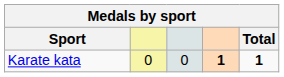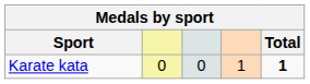 <table class="wikitable" style="font-size:90%; text-align:center;">
 <tr>
 <th colspan="5">Medals by sport</th>
 </tr>
 <tr>
 <th width="120">Sport</th>
 <th scope="col" width="30" style="background:#F7F6A8;"></th>
 <th scope="col" width="30" style="background:#DCE5E5;"></th>
 <th scope="col" width="30" style="background:#FFDAB9;"></th>
 <th width="30">Total</th>
 </tr>
 <tr>
 <td align="left"><a href='#'>Karate kata</a></td>
 <td style="background:#F7F6A8;">0</td>
 <td style="background:#DCE5E5;">0</td>
-<td style="background:#FFDAB9;"><strong>1</strong></td>
+<td style="background:#FFDAB9;">1</td>
 <td><strong>1</strong></td>
 </tr>
 </table>
